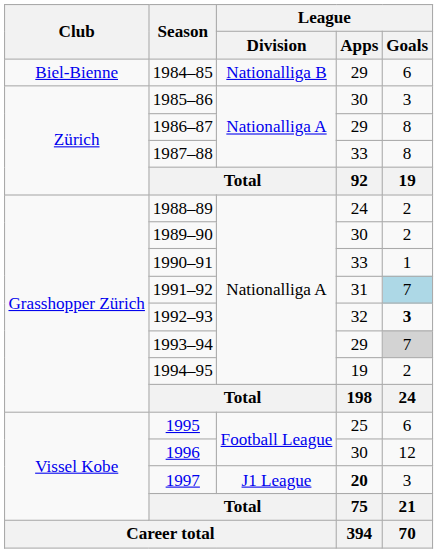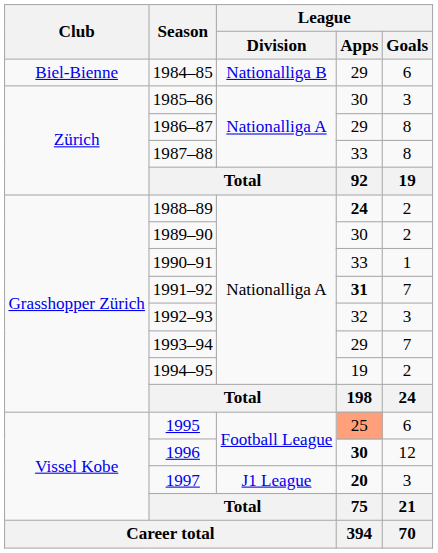 <table class="wikitable" style="text-align:center">
 <tr>
 <th rowspan="2">Club</th>
 <th rowspan="2">Season</th>
 <th colspan="3">League</th>
 </tr>
 <tr>
 <th>Division</th>
 <th>Apps</th>
 <th>Goals</th>
 </tr>
 <tr>
 <td><a href='#'>Biel-Bienne</a></td>
 <td>1984–85</td>
 <td><a href='#'>Nationalliga B</a></td>
 <td>29</td>
 <td>6</td>
 </tr>
 <tr>
 <td rowspan="4"><a href='#'>Zürich</a></td>
 <td>1985–86</td>
 <td rowspan="3"><a href='#'>Nationalliga A</a></td>
 <td>30</td>
 <td>3</td>
 </tr>
 <tr>
 <td>1986–87</td>
 <td>29</td>
 <td>8</td>
 </tr>
 <tr>
 <td>1987–88</td>
 <td>33</td>
 <td>8</td>
 </tr>
 <tr>
 <th colspan="2">Total</th>
 <th>92</th>
 <th>19</th>
 </tr>
 <tr>
 <td rowspan="8"><a href='#'>Grasshopper Zürich</a></td>
 <td>1988–89</td>
 <td rowspan="7">Nationalliga A</td>
-<td>24</td>
+<td><strong>24</strong></td>
 <td>2</td>
 </tr>
 <tr>
 <td>1989–90</td>
 <td>30</td>
 <td>2</td>
 </tr>
 <tr>
 <td>1990–91</td>
 <td>33</td>
 <td>1</td>
 </tr>
 <tr>
 <td>1991–92</td>
-<td>31</td>
-<td style="background: lightblue;">7</td>
+<td><strong>31</strong></td>
+<td>7</td>
 </tr>
 <tr>
 <td>1992–93</td>
 <td>32</td>
-<td><strong>3</strong></td>
+<td>3</td>
 </tr>
 <tr>
 <td>1993–94</td>
 <td>29</td>
-<td style="background: lightgrey;">7</td>
+<td>7</td>
 </tr>
 <tr>
 <td>1994–95</td>
 <td>19</td>
 <td>2</td>
 </tr>
 <tr>
 <th colspan="2">Total</th>
 <th>198</th>
 <th>24</th>
 </tr>
 <tr>
 <td rowspan="4"><a href='#'>Vissel Kobe</a></td>
 <td><a href='#'>1995</a></td>
 <td rowspan="2"><a href='#'>Football League</a></td>
-<td>25</td>
+<td style="background: lightsalmon;">25</td>
 <td>6</td>
 </tr>
 <tr>
 <td><a href='#'>1996</a></td>
-<td>30</td>
+<td><strong>30</strong></td>
 <td>12</td>
 </tr>
 <tr>
 <td><a href='#'>1997</a></td>
 <td><a href='#'>J1 League</a></td>
 <td><strong>20</strong></td>
 <td>3</td>
 </tr>
 <tr>
 <th colspan="2">Total</th>
 <th>75</th>
 <th>21</th>
 </tr>
 <tr>
 <th colspan="3">Career total</th>
 <th>394</th>
 <th>70</th>
 </tr>
 </table>
